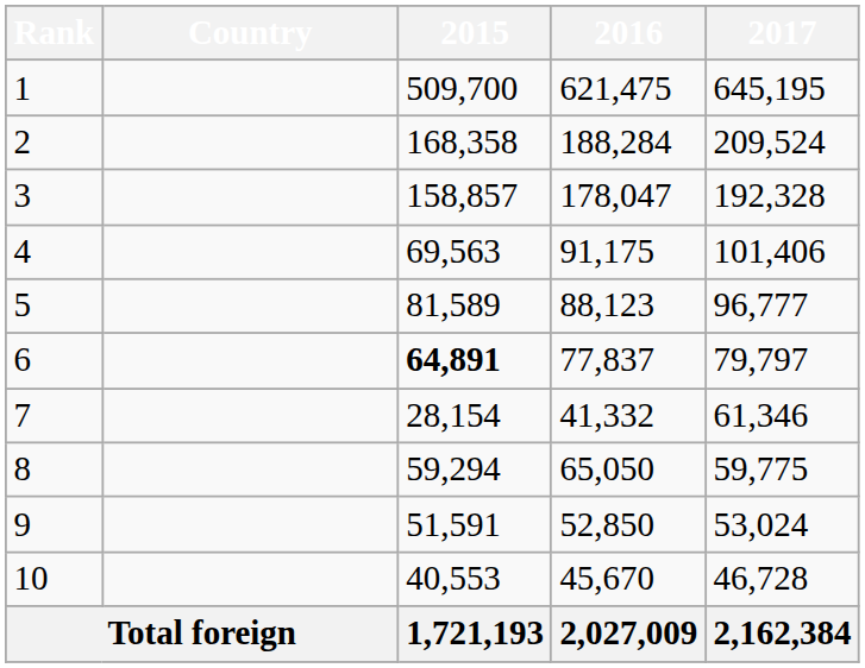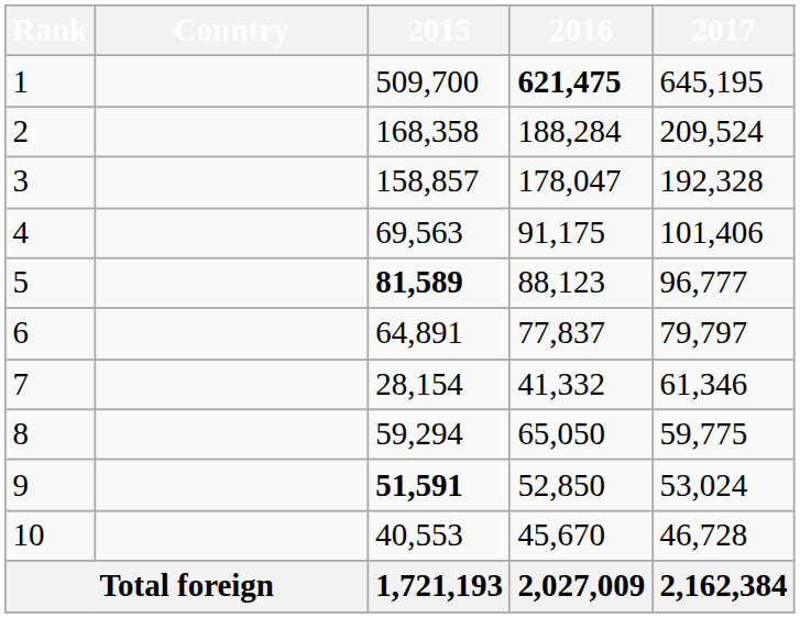 <table class="wikitable">
 <tr style="color:white;">
 <th style="width:5px;">Rank</th>
 <th style="width:130px;">Country</th>
 <th style="width:50px;">2015</th>
 <th style="width:50px;">2016</th>
 <th style="width:50px;">2017</th>
 </tr>
 <tr>
 <td>1</td>
 <td></td>
 <td>509,700</td>
-<td>621,475</td>
+<td><strong>621,475</strong></td>
 <td>645,195</td>
 </tr>
 <tr>
 <td>2</td>
 <td></td>
 <td>168,358</td>
 <td>188,284</td>
 <td>209,524</td>
 </tr>
 <tr>
 <td>3</td>
 <td></td>
 <td>158,857</td>
 <td>178,047</td>
 <td>192,328</td>
 </tr>
 <tr>
 <td>4</td>
 <td></td>
 <td>69,563</td>
 <td>91,175</td>
 <td>101,406</td>
 </tr>
 <tr>
 <td>5</td>
 <td></td>
-<td>81,589</td>
+<td><strong>81,589</strong></td>
 <td>88,123</td>
 <td>96,777</td>
 </tr>
 <tr>
 <td>6</td>
 <td></td>
-<td><strong>64,891</strong></td>
+<td>64,891</td>
 <td>77,837</td>
 <td>79,797</td>
 </tr>
 <tr>
 <td>7</td>
 <td></td>
 <td>28,154</td>
 <td>41,332</td>
 <td>61,346</td>
 </tr>
 <tr>
 <td>8</td>
 <td></td>
 <td>59,294</td>
 <td>65,050</td>
 <td>59,775</td>
 </tr>
 <tr>
 <td>9</td>
 <td></td>
-<td>51,591</td>
+<td><strong>51,591</strong></td>
 <td>52,850</td>
 <td>53,024</td>
 </tr>
 <tr>
 <td>10</td>
 <td></td>
 <td>40,553</td>
 <td>45,670</td>
 <td>46,728</td>
 </tr>
 <tr>
 <th colspan="2">Total foreign</th>
 <th>1,721,193</th>
 <th>2,027,009</th>
 <th>2,162,384</th>
 </tr>
 </table>
